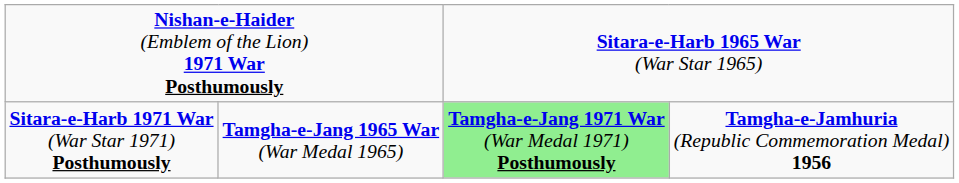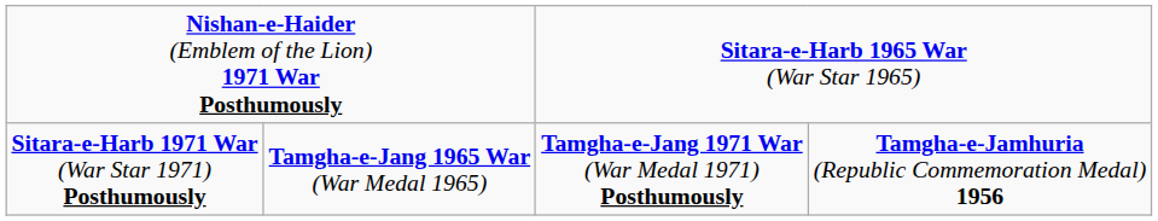 <table class="wikitable" style="margin:1em auto; text-align:center;">
 <tr>
 <td colspan="2"><strong><a href='#'>Nishan-e-Haider</a></strong><br><em>(Emblem of the Lion)</em><br><strong><a href='#'>1971 War</a></strong><br><strong><u>Posthumously</u></strong></td>
 <td colspan="2"><strong><a href='#'>Sitara-e-Harb 1965 War</a></strong><br><em>(War Star 1965)</em></td>
 </tr>
 <tr>
 <td><strong><a href='#'>Sitara-e-Harb 1971 War</a></strong><br><em>(War Star 1971)</em><br><strong><u>Posthumously</u></strong></td>
 <td><strong><a href='#'>Tamgha-e-Jang 1965 War</a></strong><br><em>(War Medal 1965)</em></td>
-<td style="background: lightgreen;"><strong><a href='#'>Tamgha-e-Jang 1971 War</a></strong><br><em>(War Medal 1971)</em><br><strong><u>Posthumously</u></strong></td>
+<td><strong><a href='#'>Tamgha-e-Jang 1971 War</a></strong><br><em>(War Medal 1971)</em><br><strong><u>Posthumously</u></strong></td>
 <td><strong><a href='#'>Tamgha-e-Jamhuria</a></strong><br><em>(Republic Commemoration Medal)</em><br><strong>1956</strong></td>
 </tr>
 </table>
